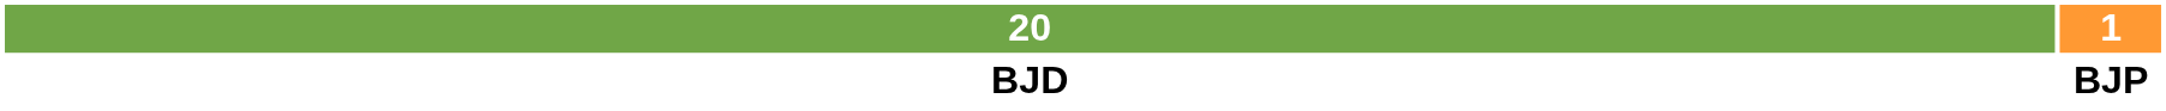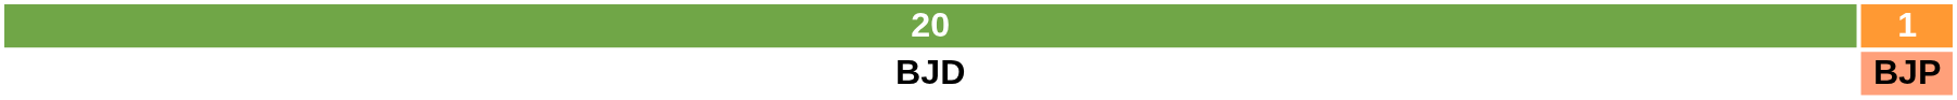 <table style="width:71%; text-align:center;">
 <tr style="color:white;">
 <td style="background:#70A647; width:95.24%;"><strong>20</strong></td>
 <td style="background:#FF9933; width:4.76%;"><strong>1</strong></td>
 </tr>
 <tr>
 <td><span><strong>BJD</strong></span></td>
-<td><span><strong>BJP</strong></span></td>
+<td style="background: lightsalmon;"><span><strong>BJP</strong></span></td>
 </tr>
 </table>
